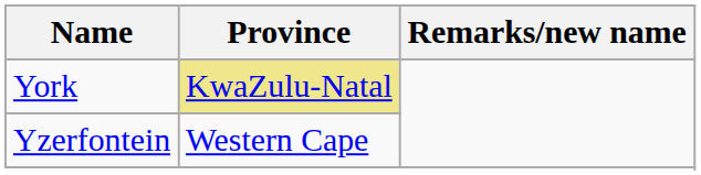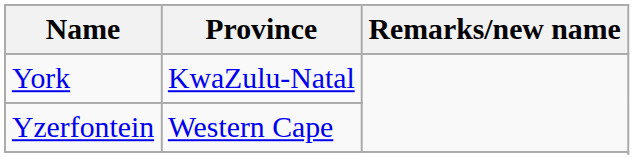 <table class="wikitable sortable" style="font-size: 95%;">
 <tr>
 <th>Name</th>
 <th>Province</th>
 <th>Remarks/new name</th>
 </tr>
 <tr>
 <td><a href='#'>York</a></td>
-<td style="background: khaki;"><a href='#'>KwaZulu-Natal</a></td>
+<td><a href='#'>KwaZulu-Natal</a></td>
 </tr>
 <tr>
 <td><a href='#'>Yzerfontein</a></td>
 <td><a href='#'>Western Cape</a></td>
 </tr>
 <tr>
 </tr>
 </table>
